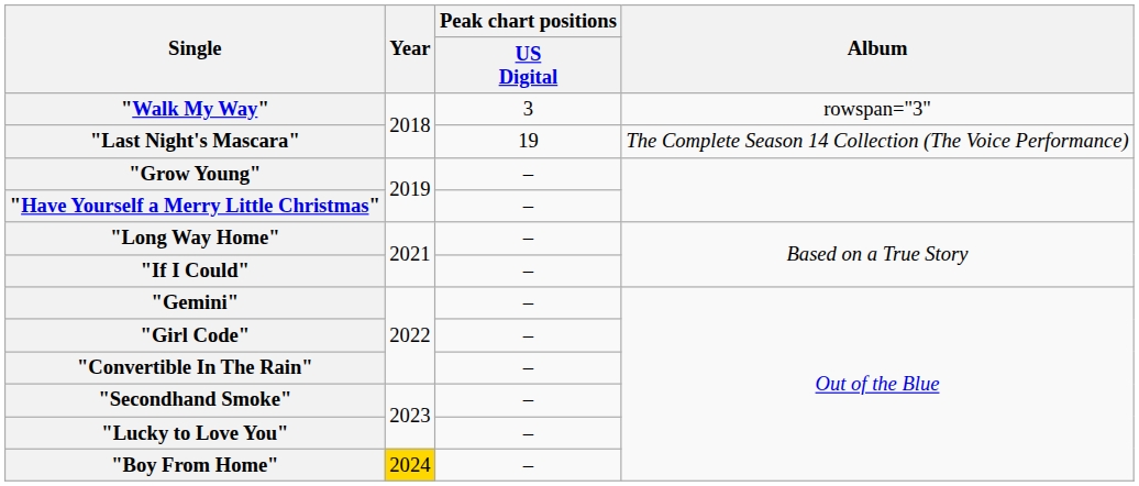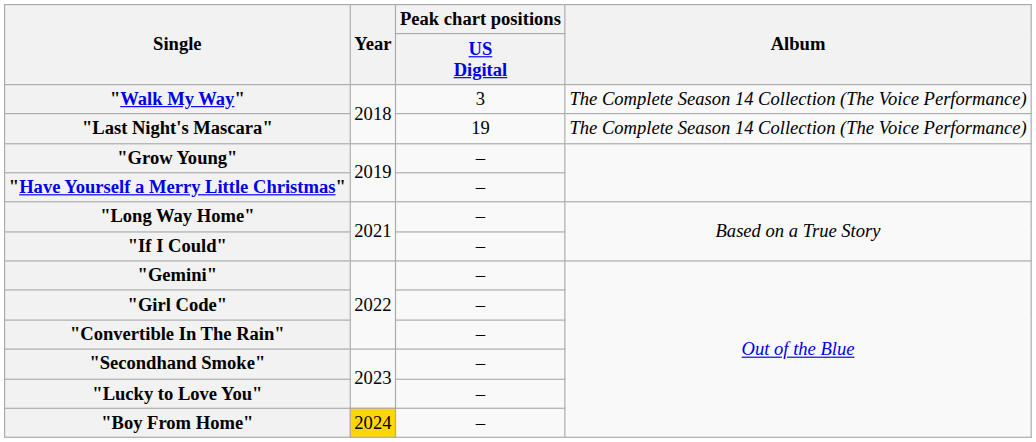 <table class="wikitable plainrowheaders" style="text-align:center;">
 <tr>
 <th scope="col" rowspan="2">Single</th>
 <th scope="col" rowspan="2">Year</th>
 <th scope="col" colspan="1">Peak chart positions</th>
 <th scope="col" rowspan="2">Album</th>
 </tr>
 <tr>
 <th><a href='#'>US<br>Digital</a><br></th>
 </tr>
 <tr>
 <th scope="row">"<a href='#'>Walk My Way</a>"</th>
 <td rowspan="2">2018</td>
 <td>3</td>
-<td>rowspan="3" </td>
+<td><em>The Complete Season 14 Collection (The Voice Performance)</em></td>
 </tr>
 <tr>
 <th scope="row">"Last Night's Mascara"</th>
 <td>19</td>
 <td><em>The Complete Season 14 Collection (The Voice Performance)</em></td>
 </tr>
 <tr>
 <th scope="row">"Grow Young"</th>
 <td rowspan="2">2019</td>
 <td>–</td>
 </tr>
 <tr>
 <th scope="row">"<a href='#'>Have Yourself a Merry Little Christmas</a>"</th>
 <td>–</td>
 </tr>
 <tr>
 <th scope="row">"Long Way Home"</th>
 <td rowspan="2">2021</td>
 <td>–</td>
 <td rowspan="2"><em>Based on a True Story</em></td>
 </tr>
 <tr>
 <th scope="row">"If I Could"</th>
 <td>–</td>
 </tr>
 <tr>
 <th scope="row">"Gemini"</th>
 <td rowspan="3">2022</td>
 <td>–</td>
 <td rowspan="6"><em><a href='#'>Out of the Blue</a></em></td>
 </tr>
 <tr>
 <th scope="row">"Girl Code"</th>
 <td>–</td>
 </tr>
 <tr>
 <th scope="row">"Convertible In The Rain"</th>
 <td>–</td>
 </tr>
 <tr>
 <th scope="row">"Secondhand Smoke"</th>
 <td rowspan="2">2023</td>
 <td>–</td>
 </tr>
 <tr>
 <th scope="row">"Lucky to Love You"</th>
 <td>–</td>
 </tr>
 <tr>
 <th scope="row">"Boy From Home"</th>
 <td style="background: gold;">2024</td>
 <td>–</td>
 </tr>
 </table>
